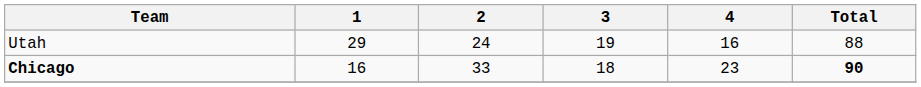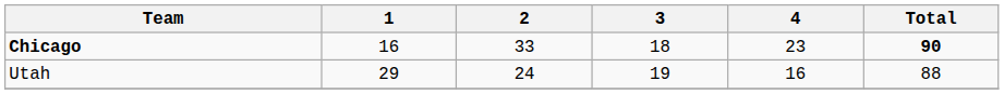 <table class="wikitable">
 <tr style="text-align:center;">
 <th align=left width=14%>Team</th>
 <th width=6%>1</th>
 <th width=6%>2</th>
 <th width=6%>3</th>
 <th width=6%>4</th>
 <th width=6%>Total</th>
 </tr>
 <tr style="text-align:center;">
+<td align=left><strong>Chicago</strong></td>
+<td>16</td>
+<td>33</td>
+<td>18</td>
+<td>23</td>
+<td><strong>90</strong></td>
+</tr>
+<tr style="text-align:center;">
 <td align=left>Utah</td>
 <td>29</td>
 <td>24</td>
 <td>19</td>
 <td>16</td>
 <td>88</td>
 </tr>
 <tr style="text-align:center;">
-<td align=left><strong>Chicago</strong></td>
-<td>16</td>
-<td>33</td>
-<td>18</td>
-<td>23</td>
-<td><strong>90</strong></td>
-</tr>
-<tr style="text-align:center;">
 </tr>
 </table>
